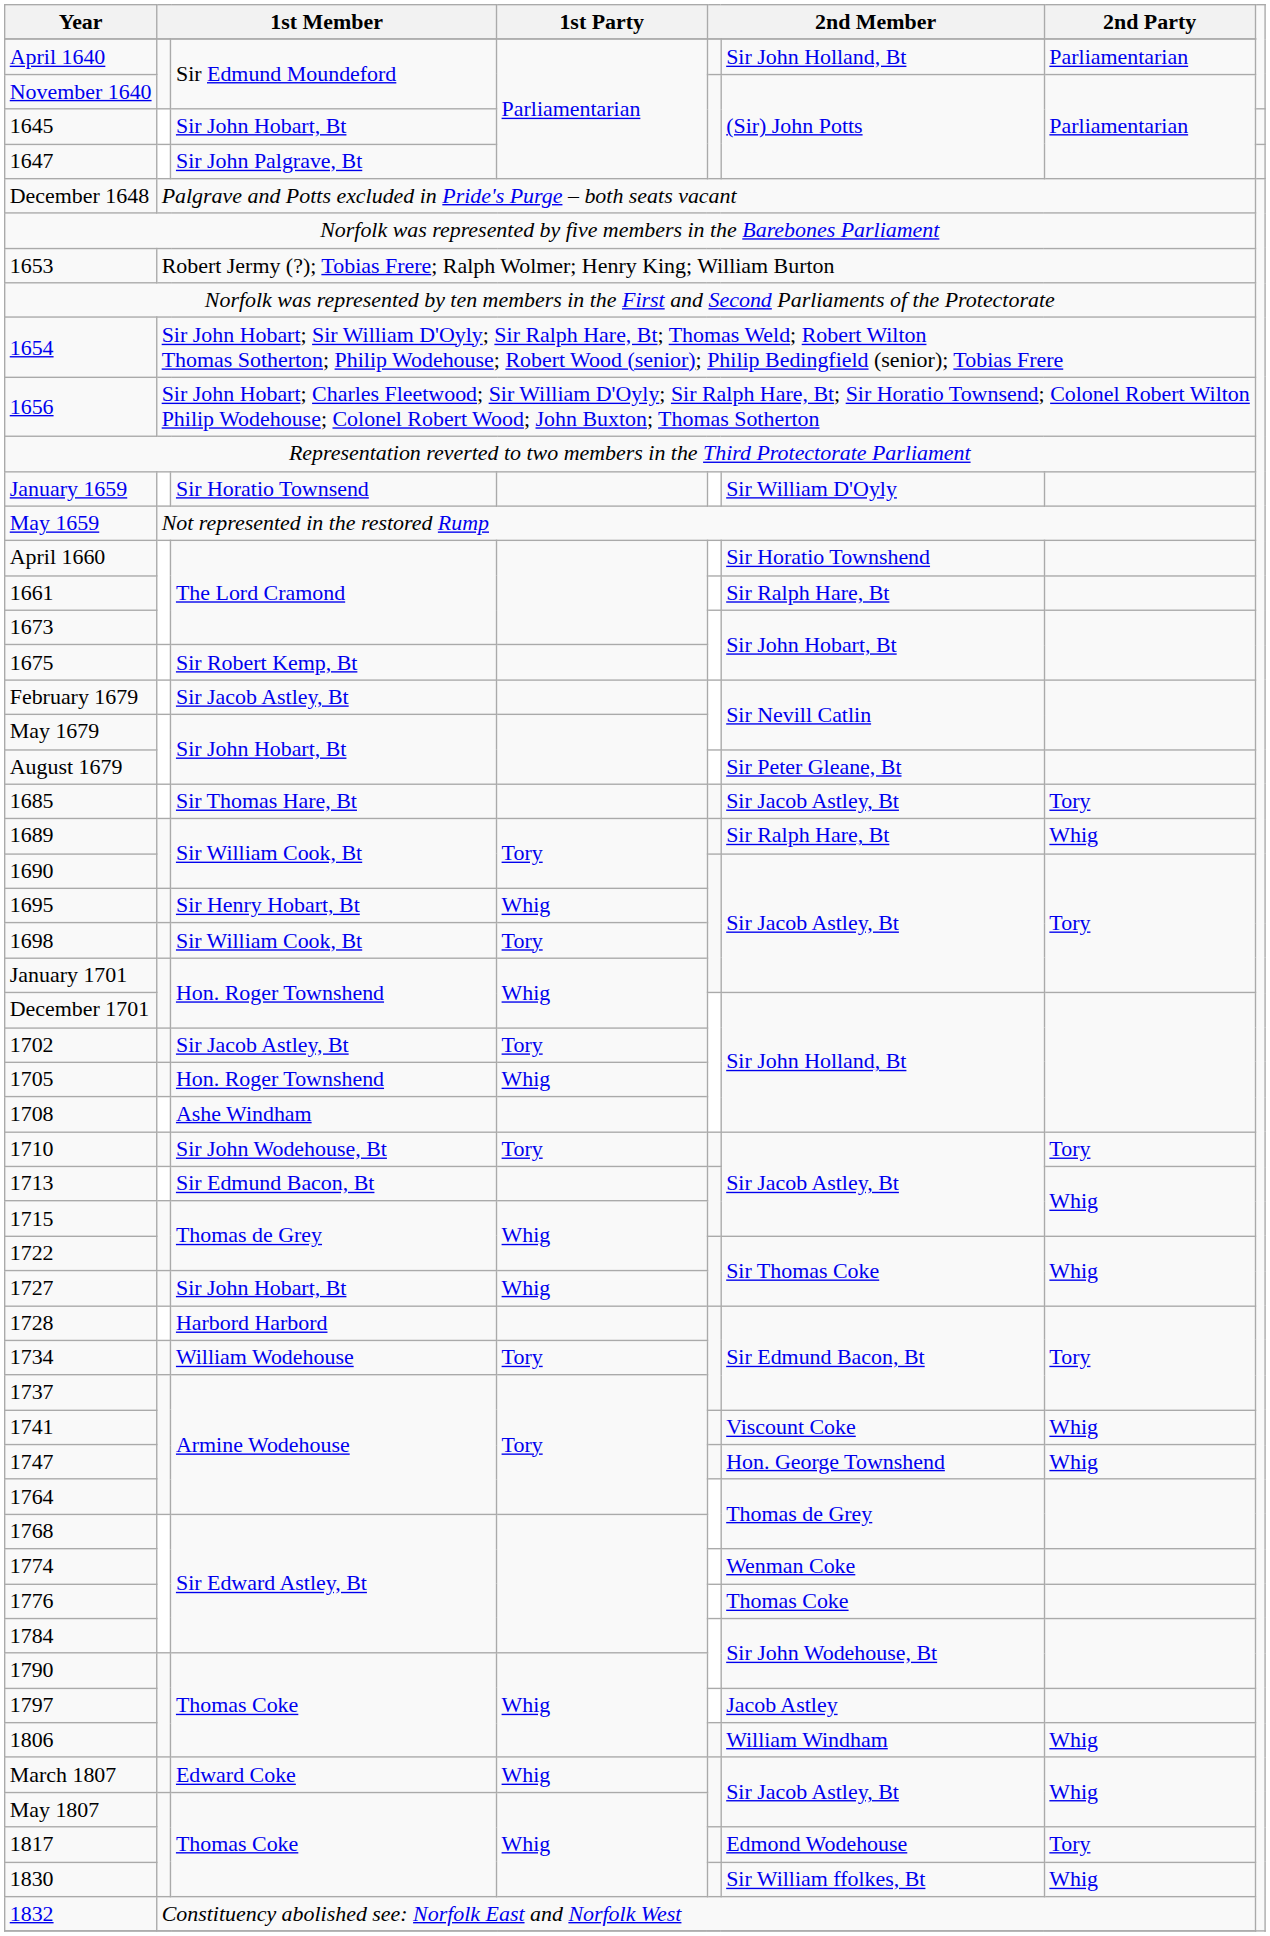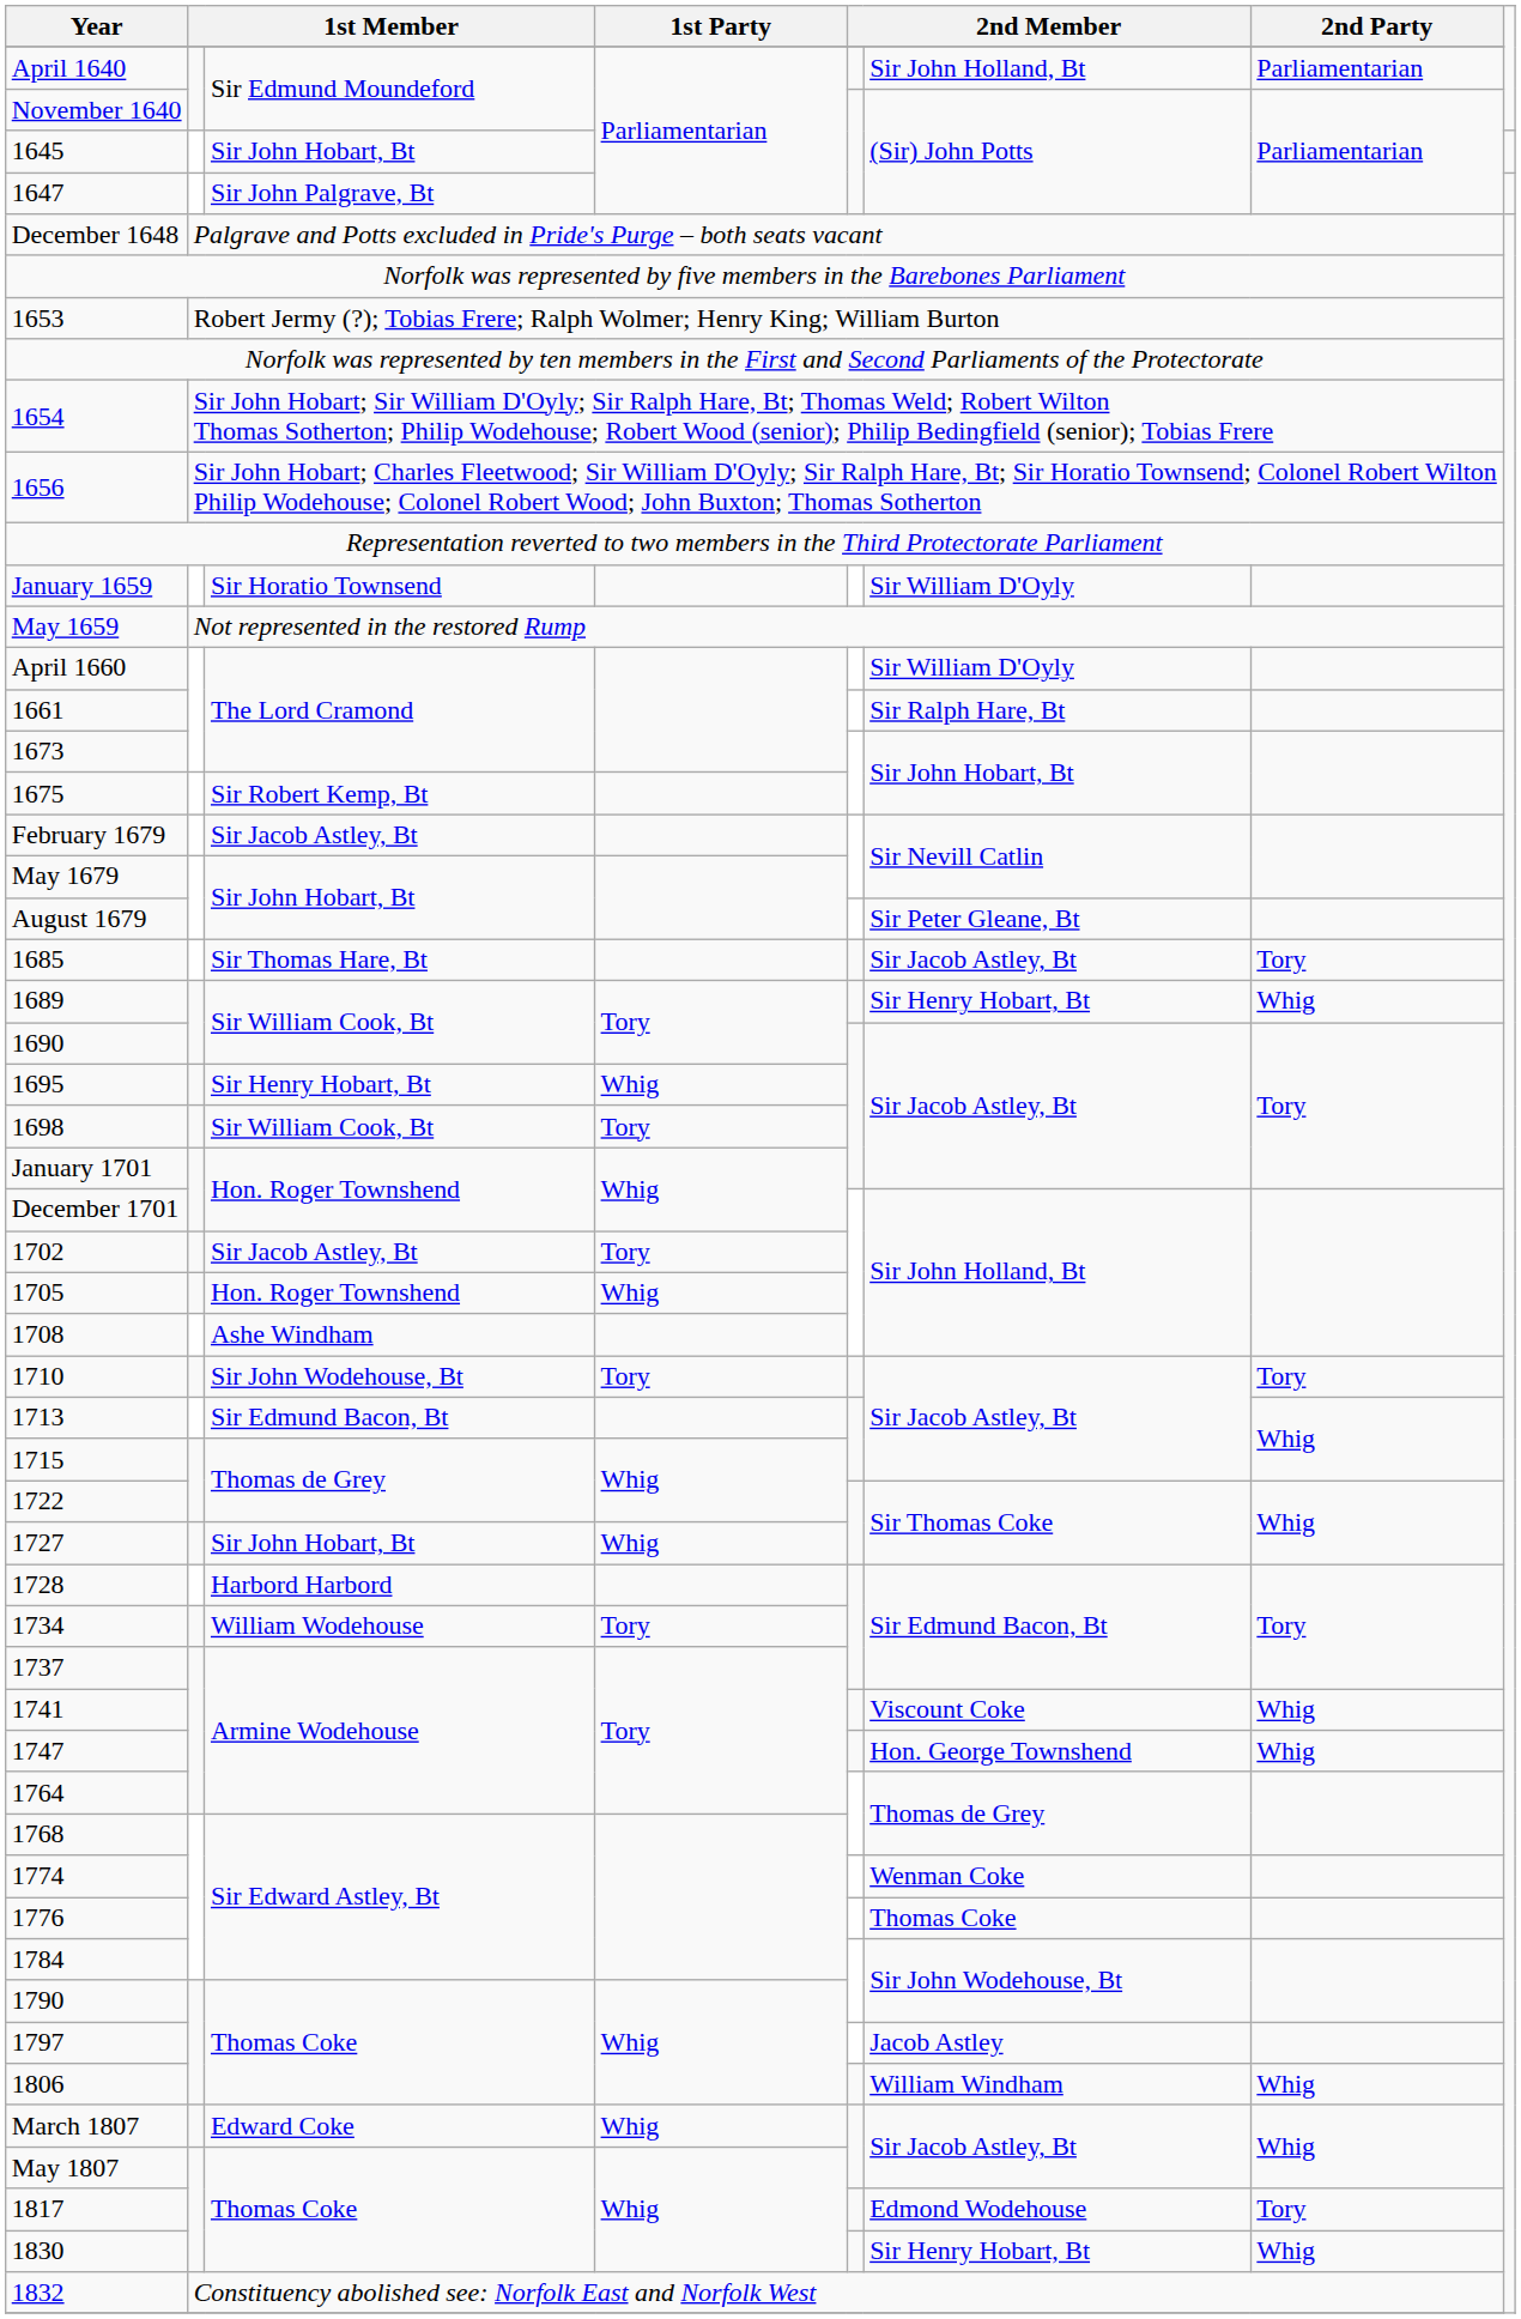 <table class="wikitable">
 <tr>
 <th>Year</th>
 <th colspan="2">1st Member</th>
 <th>1st Party</th>
 <th colspan="2">2nd Member</th>
 <th>2nd Party</th>
 </tr>
 <tr>
 </tr>
 <tr>
 <td><a href='#'>April 1640</a></td>
 <td rowspan="2" style="color:inherit;background-color: "></td>
 <td rowspan="2">Sir <a href='#'>Edmund Moundeford</a></td>
 <td rowspan="4"><a href='#'>Parliamentarian</a></td>
 <td style="color:inherit;background-color: "></td>
 <td><a href='#'>Sir John Holland, Bt</a></td>
 <td><a href='#'>Parliamentarian</a></td>
 </tr>
 <tr>
 <td><a href='#'>November 1640</a></td>
 <td rowspan="3" style="color:inherit;background-color: "></td>
 <td rowspan="3"><a href='#'>(Sir) John Potts</a></td>
 <td rowspan="3"><a href='#'>Parliamentarian</a></td>
 </tr>
 <tr>
 <td>1645</td>
 <td style="color:inherit;background-color: white"></td>
 <td><a href='#'>Sir John Hobart, Bt</a></td>
 <td></td>
 </tr>
 <tr>
 <td>1647</td>
 <td style="color:inherit;background-color: white"></td>
 <td><a href='#'>Sir John Palgrave, Bt</a></td>
 <td></td>
 </tr>
 <tr>
 <td>December 1648</td>
 <td colspan="6"><em>Palgrave and Potts excluded in <a href='#'>Pride's Purge</a> – both seats vacant</em></td>
 </tr>
 <tr>
 <td align="center" colspan="7"><em>Norfolk was represented by five members in the <a href='#'>Barebones Parliament</a></em></td>
 </tr>
 <tr>
 <td>1653</td>
 <td colspan="6">Robert Jermy (?); <a href='#'>Tobias Frere</a>; Ralph Wolmer; Henry King; William Burton</td>
 </tr>
 <tr>
 <td align="center" colspan="7"><em>Norfolk was represented by ten members in the <a href='#'>First</a> and <a href='#'>Second</a> Parliaments of the Protectorate</em></td>
 </tr>
 <tr>
 <td><a href='#'>1654</a></td>
 <td colspan="6"><a href='#'>Sir John Hobart</a>; <a href='#'>Sir William D'Oyly</a>; <a href='#'>Sir Ralph Hare, Bt</a>; <a href='#'>Thomas Weld</a>; <a href='#'>Robert Wilton</a><br> <a href='#'>Thomas Sotherton</a>; <a href='#'>Philip Wodehouse</a>; <a href='#'>Robert Wood (senior)</a>; <a href='#'>Philip Bedingfield</a> (senior); <a href='#'>Tobias Frere</a></td>
 </tr>
 <tr>
 <td><a href='#'>1656</a></td>
 <td colspan="6"><a href='#'>Sir John Hobart</a>; <a href='#'>Charles Fleetwood</a>; <a href='#'>Sir William D'Oyly</a>; <a href='#'>Sir Ralph Hare, Bt</a>; <a href='#'>Sir Horatio Townsend</a>; <a href='#'>Colonel Robert Wilton</a><br> <a href='#'>Philip Wodehouse</a>; <a href='#'>Colonel Robert Wood</a>; <a href='#'>John Buxton</a>; <a href='#'>Thomas Sotherton</a></td>
 </tr>
 <tr>
 <td align="center" colspan="7"><em>Representation reverted to two members in the <a href='#'>Third Protectorate Parliament</a></em></td>
 </tr>
 <tr>
 <td><a href='#'>January 1659</a></td>
 <td style="color:inherit;background-color: white"></td>
 <td><a href='#'>Sir Horatio Townsend</a></td>
 <td></td>
 <td style="color:inherit;background-color: white"></td>
 <td><a href='#'>Sir William D'Oyly</a></td>
 <td></td>
 </tr>
 <tr>
 <td><a href='#'>May 1659</a></td>
 <td colspan="6"><em>Not represented in the restored <a href='#'>Rump</a></em></td>
 </tr>
 <tr>
 <td>April 1660</td>
 <td rowspan="3" style="color:inherit;background-color: white"></td>
 <td rowspan="3"><a href='#'>The Lord Cramond</a></td>
 <td rowspan="3"></td>
 <td style="color:inherit;background-color: white"></td>
-<td><a href='#'>Sir Horatio Townshend</a></td>
+<td><a href='#'>Sir William D'Oyly</a></td>
 <td></td>
 </tr>
 <tr>
 <td>1661</td>
 <td style="color:inherit;background-color: white"></td>
 <td><a href='#'>Sir Ralph Hare, Bt</a></td>
 <td></td>
 </tr>
 <tr>
 <td>1673</td>
 <td rowspan="2" style="color:inherit;background-color: white"></td>
 <td rowspan="2"><a href='#'>Sir John Hobart, Bt</a></td>
 <td rowspan="2"></td>
 </tr>
 <tr>
 <td>1675</td>
 <td style="color:inherit;background-color: white"></td>
 <td><a href='#'>Sir Robert Kemp, Bt</a></td>
 <td></td>
 </tr>
 <tr>
 <td>February 1679</td>
 <td style="color:inherit;background-color: white"></td>
 <td><a href='#'>Sir Jacob Astley, Bt</a></td>
 <td></td>
 <td rowspan="2" style="color:inherit;background-color: white"></td>
 <td rowspan="2"><a href='#'>Sir Nevill Catlin</a>  </td>
 <td rowspan="2"></td>
 </tr>
 <tr>
 <td>May 1679</td>
 <td rowspan="2" style="color:inherit;background-color: white"></td>
 <td rowspan="2"><a href='#'>Sir John Hobart, Bt</a></td>
 <td rowspan="2"></td>
 </tr>
 <tr>
 <td>August 1679</td>
 <td style="color:inherit;background-color: white"></td>
 <td><a href='#'>Sir Peter Gleane, Bt</a></td>
 <td></td>
 </tr>
 <tr>
 <td>1685</td>
 <td style="color:inherit;background-color: white"></td>
 <td><a href='#'>Sir Thomas Hare, Bt</a></td>
 <td></td>
 <td style="color:inherit;background-color: "></td>
 <td><a href='#'>Sir Jacob Astley, Bt</a></td>
 <td><a href='#'>Tory</a></td>
 </tr>
 <tr>
 <td>1689</td>
 <td rowspan="2" style="color:inherit;background-color: "></td>
 <td rowspan="2"><a href='#'>Sir William Cook, Bt</a></td>
 <td rowspan="2"><a href='#'>Tory</a></td>
 <td style="color:inherit;background-color: "></td>
-<td><a href='#'>Sir Ralph Hare, Bt</a></td>
+<td><a href='#'>Sir Henry Hobart, Bt</a></td>
 <td><a href='#'>Whig</a></td>
 </tr>
 <tr>
 <td>1690</td>
 <td rowspan="4" style="color:inherit;background-color: "></td>
 <td rowspan="4"><a href='#'>Sir Jacob Astley, Bt</a></td>
 <td rowspan="4"><a href='#'>Tory</a></td>
 </tr>
 <tr>
 <td>1695</td>
 <td style="color:inherit;background-color: "></td>
 <td><a href='#'>Sir Henry Hobart, Bt</a></td>
 <td><a href='#'>Whig</a></td>
 </tr>
 <tr>
 <td>1698</td>
 <td style="color:inherit;background-color: "></td>
 <td><a href='#'>Sir William Cook, Bt</a></td>
 <td><a href='#'>Tory</a></td>
 </tr>
 <tr>
 <td>January 1701</td>
 <td rowspan="2" style="color:inherit;background-color: "></td>
 <td rowspan="2"><a href='#'>Hon. Roger Townshend</a></td>
 <td rowspan="2"><a href='#'>Whig</a></td>
 </tr>
 <tr>
 <td>December 1701</td>
 <td rowspan="4" style="color:inherit;background-color: white"></td>
 <td rowspan="4"><a href='#'>Sir John Holland, Bt</a></td>
 <td rowspan="4"></td>
 </tr>
 <tr>
 <td>1702</td>
 <td style="color:inherit;background-color: "></td>
 <td><a href='#'>Sir Jacob Astley, Bt</a></td>
 <td><a href='#'>Tory</a></td>
 </tr>
 <tr>
 <td>1705</td>
 <td style="color:inherit;background-color: "></td>
 <td><a href='#'>Hon. Roger Townshend</a> </td>
 <td><a href='#'>Whig</a></td>
 </tr>
 <tr>
 <td>1708</td>
 <td style="color:inherit;background-color: white"></td>
 <td><a href='#'>Ashe Windham</a> </td>
 <td></td>
 </tr>
 <tr>
 <td>1710</td>
 <td style="color:inherit;background-color: "></td>
 <td><a href='#'>Sir John Wodehouse, Bt</a></td>
 <td><a href='#'>Tory</a></td>
 <td style="color:inherit;background-color: "></td>
 <td rowspan="3"><a href='#'>Sir Jacob Astley, Bt</a></td>
 <td><a href='#'>Tory</a> </td>
 </tr>
 <tr>
 <td>1713</td>
 <td style="color:inherit;background-color: white"></td>
 <td><a href='#'>Sir Edmund Bacon, Bt</a> </td>
 <td></td>
 <td rowspan="2" style="color:inherit;background-color: "></td>
 <td rowspan="2"><a href='#'>Whig</a></td>
 </tr>
 <tr>
 <td>1715</td>
 <td rowspan="2" style="color:inherit;background-color: "></td>
 <td rowspan="2"><a href='#'>Thomas de Grey</a> </td>
 <td rowspan="2"><a href='#'>Whig</a></td>
 </tr>
 <tr>
 <td>1722</td>
 <td rowspan="2" style="color:inherit;background-color: "></td>
 <td rowspan="2"><a href='#'>Sir Thomas Coke</a></td>
 <td rowspan="2"><a href='#'>Whig</a></td>
 </tr>
 <tr>
 <td>1727</td>
 <td style="color:inherit;background-color: "></td>
 <td><a href='#'>Sir John Hobart, Bt</a></td>
 <td><a href='#'>Whig</a></td>
 </tr>
 <tr>
 <td>1728</td>
 <td style="color:inherit;background-color: white"></td>
 <td><a href='#'>Harbord Harbord</a></td>
 <td></td>
 <td rowspan="3" style="color:inherit;background-color: "></td>
 <td rowspan="3"><a href='#'>Sir Edmund Bacon, Bt</a></td>
 <td rowspan="3"><a href='#'>Tory</a></td>
 </tr>
 <tr>
 <td>1734</td>
 <td style="color:inherit;background-color: "></td>
 <td><a href='#'>William Wodehouse</a> </td>
 <td><a href='#'>Tory</a></td>
 </tr>
 <tr>
 <td>1737</td>
 <td rowspan="4" style="color:inherit;background-color: "></td>
 <td rowspan="4"><a href='#'>Armine Wodehouse</a></td>
 <td rowspan="4"><a href='#'>Tory</a></td>
 </tr>
 <tr>
 <td>1741</td>
 <td style="color:inherit;background-color: "></td>
 <td><a href='#'>Viscount Coke</a> </td>
 <td><a href='#'>Whig</a></td>
 </tr>
 <tr>
 <td>1747</td>
 <td style="color:inherit;background-color: "></td>
 <td><a href='#'>Hon. George Townshend</a></td>
 <td><a href='#'>Whig</a></td>
 </tr>
 <tr>
 <td>1764</td>
 <td rowspan="2" style="color:inherit;background-color: white"></td>
 <td rowspan="2"><a href='#'>Thomas de Grey</a> </td>
 <td rowspan="2"></td>
 </tr>
 <tr>
 <td>1768</td>
 <td rowspan="4" style="color:inherit;background-color: white"></td>
 <td rowspan="4"><a href='#'>Sir Edward Astley, Bt</a> </td>
 <td rowspan="4"></td>
 </tr>
 <tr>
 <td>1774</td>
 <td style="color:inherit;background-color: white"></td>
 <td><a href='#'>Wenman Coke</a> </td>
 <td></td>
 </tr>
 <tr>
 <td>1776</td>
 <td style="color:inherit;background-color: white"></td>
 <td><a href='#'>Thomas Coke</a></td>
 <td></td>
 </tr>
 <tr>
 <td>1784</td>
 <td rowspan="2" style="color:inherit;background-color: white"></td>
 <td rowspan="2"><a href='#'>Sir John Wodehouse, Bt</a></td>
 <td rowspan="2"></td>
 </tr>
 <tr>
 <td>1790</td>
 <td rowspan="3" style="color:inherit;background-color: "></td>
 <td rowspan="3"><a href='#'>Thomas Coke</a></td>
 <td rowspan="3"><a href='#'>Whig</a></td>
 </tr>
 <tr>
 <td>1797</td>
 <td style="color:inherit;background-color: white"></td>
 <td><a href='#'>Jacob Astley</a></td>
 <td></td>
 </tr>
 <tr>
 <td>1806</td>
 <td style="color:inherit;background-color: "></td>
 <td><a href='#'>William Windham</a></td>
 <td><a href='#'>Whig</a></td>
 </tr>
 <tr>
 <td>March 1807</td>
 <td style="color:inherit;background-color: "></td>
 <td><a href='#'>Edward Coke</a> </td>
 <td><a href='#'>Whig</a></td>
 <td rowspan="2" style="color:inherit;background-color: "></td>
 <td rowspan="2"><a href='#'>Sir Jacob Astley, Bt</a></td>
 <td rowspan="2"><a href='#'>Whig</a></td>
 </tr>
 <tr>
 <td>May 1807</td>
 <td rowspan="3" style="color:inherit;background-color: "></td>
 <td rowspan="3"><a href='#'>Thomas Coke</a></td>
 <td rowspan="3"><a href='#'>Whig</a></td>
 </tr>
 <tr>
 <td>1817</td>
 <td style="color:inherit;background-color: "></td>
 <td><a href='#'>Edmond Wodehouse</a></td>
 <td><a href='#'>Tory</a></td>
 </tr>
 <tr>
 <td>1830</td>
 <td style="color:inherit;background-color: "></td>
-<td><a href='#'>Sir William ffolkes, Bt</a></td>
+<td><a href='#'>Sir Henry Hobart, Bt</a></td>
 <td><a href='#'>Whig</a></td>
 </tr>
 <tr>
 <td><a href='#'>1832</a></td>
 <td colspan="6"><em>Constituency abolished see: <a href='#'>Norfolk East</a> and <a href='#'>Norfolk West</a></em></td>
 </tr>
 <tr>
 </tr>
 </table>
